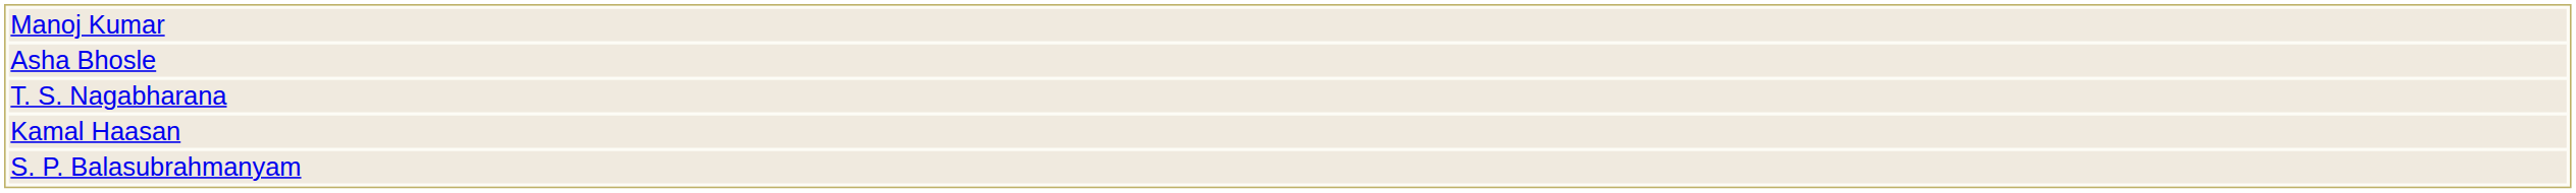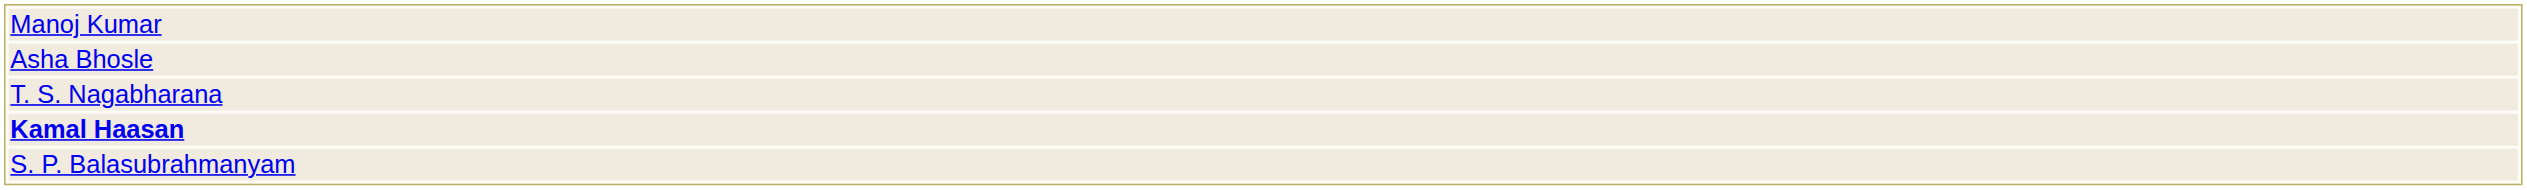 <table style="width:100%;border: 1px solid #BEB168;background-color:#FDFCF6;">
 <tr>
 <td style="background-color:#F0EADF;"> <a href='#'>Manoj Kumar</a></td>
 </tr>
 <tr>
 <td style="background-color:#F0EADF;"> <a href='#'>Asha Bhosle</a></td>
 </tr>
 <tr>
 <td style="background-color:#F0EADF;"> <a href='#'>T. S. Nagabharana</a></td>
 </tr>
 <tr>
-<td style="background-color:#F0EADF;"> <a href='#'>Kamal Haasan</a></td>
+<td style="background-color:#F0EADF;"><strong> <a href='#'>Kamal Haasan</a></strong></td>
 </tr>
 <tr>
 <td style="background-color:#F0EADF;"> <a href='#'>S. P. Balasubrahmanyam</a></td>
 </tr>
 </table>
